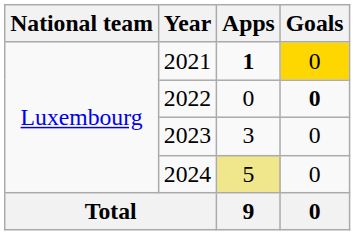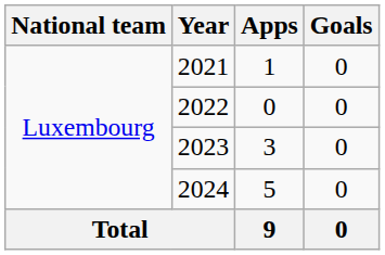 <table class="wikitable" style="text-align:center">
 <tr>
 <th>National team</th>
 <th>Year</th>
 <th>Apps</th>
 <th>Goals</th>
 </tr>
 <tr>
 <td rowspan=4><a href='#'>Luxembourg</a></td>
 <td>2021</td>
-<td><strong>1</strong></td>
-<td style="background: gold;">0</td>
+<td>1</td>
+<td>0</td>
 </tr>
 <tr>
 <td>2022</td>
 <td>0</td>
-<td><strong>0</strong></td>
+<td>0</td>
 </tr>
 <tr>
 <td>2023</td>
 <td>3</td>
 <td>0</td>
 </tr>
 <tr>
 <td>2024</td>
-<td style="background: khaki;">5</td>
+<td>5</td>
 <td>0</td>
 </tr>
 <tr>
 <th colspan=2>Total</th>
 <th>9</th>
 <th>0</th>
 </tr>
 </table>
